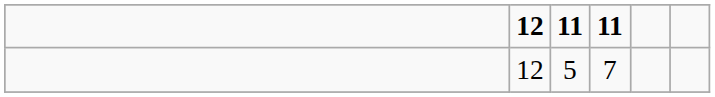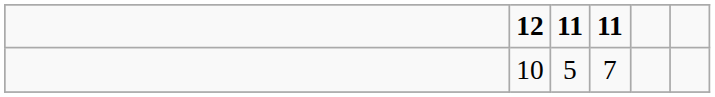 <table class="wikitable">
 <tr>
 <td style="width:18em"></td>
 <td align=center style="width:1em"><strong>12</strong></td>
 <td align=center style="width:1em"><strong>11</strong></td>
 <td align=center style="width:1em"><strong>11</strong></td>
 <td align=center style="width:1em"></td>
 <td align=center style="width:1em"></td>
 </tr>
 <tr>
 <td style="width:18em"></td>
-<td align=center style="width:1em">12</td>
+<td align=center style="width:1em">10</td>
 <td align=center style="width:1em">5</td>
 <td align=center style="width:1em">7</td>
 <td align=center style="width:1em"></td>
 <td align=center style="width:1em"></td>
 </tr>
 </table>
